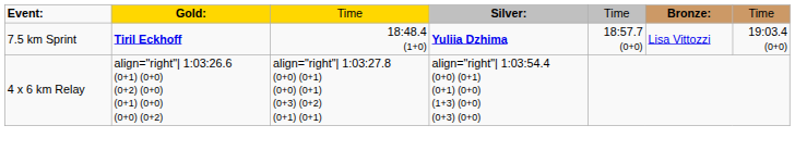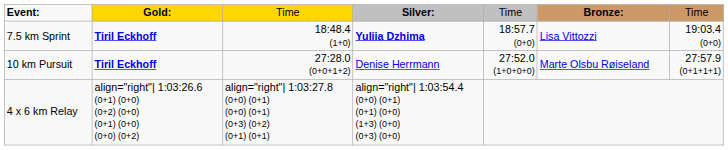 <table class="wikitable" width=85%>
 <tr>
 <td><strong>Event:</strong></td>
 <td style="text-align:center;background-color:gold;"><strong>Gold:</strong></td>
 <td style="text-align:center;background-color:gold;">Time</td>
 <td style="text-align:center;background-color:silver;"><strong>Silver:</strong></td>
 <td style="text-align:center;background-color:silver;">Time</td>
 <td style="text-align:center;background-color:#CC9966;"><strong>Bronze:</strong></td>
 <td style="text-align:center;background-color:#CC9966;">Time</td>
 </tr>
 <tr>
 <td>7.5 km Sprint<br></td>
 <td><strong><a href='#'>Tiril Eckhoff</a></strong><br><small></small></td>
 <td align="right">18:48.4<br><small>(1+0)</small></td>
 <td><strong><a href='#'>Yuliia Dzhima</a><br><small></small></strong></td>
 <td align="right">18:57.7<br><small>(0+0)</small></td>
 <td><a href='#'>Lisa Vittozzi</a><br><small></small></td>
 <td align="right">19:03.4<br><small>(0+0)</small></td>
 </tr>
 <tr>
+<td>10 km Pursuit<br></td>
+<td><strong><a href='#'>Tiril Eckhoff</a></strong><br><small></small></td>
+<td align="right">27:28.0<br><small>(0+0+1+2)</small></td>
+<td><a href='#'>Denise Herrmann</a><br><small></small></td>
+<td align="right">27:52.0<br><small>(1+0+0+0)</small></td>
+<td><a href='#'>Marte Olsbu Røiseland</a><br><small></small></td>
+<td align="right">27:57.9<br><small>(0+1+1+1)</small></td>
+</tr>
+<tr>
 <td>4 x 6 km Relay<br></td>
 <td>align="right"| 1:03:26.6<small><br>(0+1) (0+0)<br>(0+2) (0+0)<br>(0+1) (0+0)<br>(0+0) (0+2)</small></td>
 <td>align="right"| 1:03:27.8<small><br>(0+0) (0+1)<br>(0+0) (0+1)<br>(0+3) (0+2)<br>(0+1) (0+1)</small></td>
 <td>align="right"| 1:03:54.4<small><br>(0+0) (0+1)<br>(0+1) (0+0)<br>(1+3) (0+0)<br>(0+3) (0+0)</small></td>
 </tr>
 </table>
